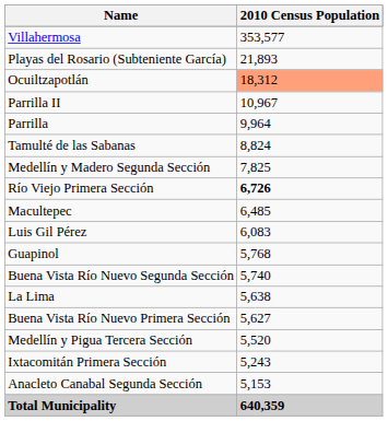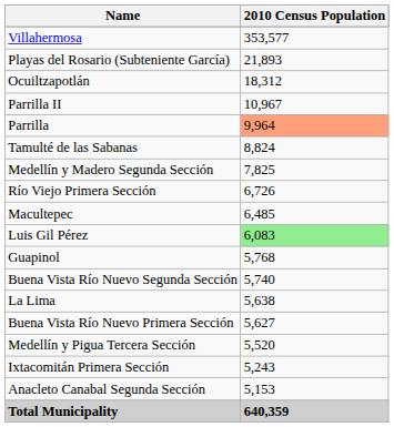 <table class="wikitable">
 <tr style="background:#000000; color:black;">
 <th><strong>Name</strong></th>
 <th><strong>2010 Census Population</strong></th>
 </tr>
 <tr>
 <td><a href='#'>Villahermosa</a></td>
 <td>353,577</td>
 </tr>
 <tr>
 <td>Playas del Rosario (Subteniente García)</td>
 <td>21,893</td>
 </tr>
 <tr>
 <td>Ocuiltzapotlán</td>
-<td style="background: lightsalmon;">18,312</td>
+<td>18,312</td>
 </tr>
 <tr>
 <td>Parrilla II</td>
 <td>10,967</td>
 </tr>
 <tr>
 <td>Parrilla</td>
-<td>9,964</td>
+<td style="background: lightsalmon;">9,964</td>
 </tr>
 <tr>
 <td>Tamulté de las Sabanas</td>
 <td>8,824</td>
 </tr>
 <tr>
 <td>Medellín y Madero Segunda Sección</td>
 <td>7,825</td>
 </tr>
 <tr>
 <td>Río Viejo Primera Sección</td>
-<td><strong>6,726</strong></td>
+<td>6,726</td>
 </tr>
 <tr>
 <td>Macultepec</td>
 <td>6,485</td>
 </tr>
 <tr>
 <td>Luis Gil Pérez</td>
-<td>6,083</td>
+<td style="background: lightgreen;">6,083</td>
 </tr>
 <tr>
 <td>Guapinol</td>
 <td>5,768</td>
 </tr>
 <tr>
 <td>Buena Vista Río Nuevo Segunda Sección</td>
 <td>5,740</td>
 </tr>
 <tr>
 <td>La Lima</td>
 <td>5,638</td>
 </tr>
 <tr>
 <td>Buena Vista Río Nuevo Primera Sección</td>
 <td>5,627</td>
 </tr>
 <tr>
 <td>Medellín y Pigua Tercera Sección</td>
 <td>5,520</td>
 </tr>
 <tr>
 <td>Ixtacomitán Primera Sección</td>
 <td>5,243</td>
 </tr>
 <tr>
 <td>Anacleto Canabal Segunda Sección</td>
 <td>5,153</td>
 </tr>
 <tr style="background:#CFCFCF;">
 <td><strong>Total Municipality</strong></td>
 <td><strong>640,359</strong></td>
 </tr>
 </table>
